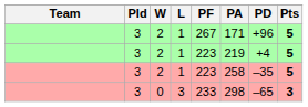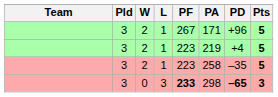 <table class=wikitable>
 <tr align=center>
 </tr>
 <tr>
 <th width=150>Team</th>
 <th width=20>Pld</th>
 <th width=20>W</th>
 <th width=20>L</th>
 <th width=30>PF</th>
 <th width=30>PA</th>
 <th width=30>PD</th>
 <th width=20>Pts</th>
 </tr>
 <tr align=center bgcolor=#aaffaa>
 <td align=left></td>
 <td>3</td>
 <td>2</td>
 <td>1</td>
 <td>267</td>
 <td>171</td>
 <td>+96</td>
 <td><strong>5</strong></td>
 </tr>
 <tr align=center bgcolor=#aaffaa>
 <td align=left></td>
 <td>3</td>
 <td>2</td>
 <td>1</td>
 <td>223</td>
 <td>219</td>
 <td>+4</td>
 <td><strong>5</strong></td>
 </tr>
 <tr align=center bgcolor=#ffaaaa>
 <td align=left></td>
 <td>3</td>
 <td>2</td>
 <td>1</td>
 <td>223</td>
 <td>258</td>
 <td>–35</td>
 <td><strong>5</strong></td>
 </tr>
 <tr align=center bgcolor=#ffaaaa>
 <td align=left></td>
 <td>3</td>
 <td>0</td>
 <td>3</td>
-<td>233</td>
+<td><strong>233</strong></td>
 <td>298</td>
-<td>–65</td>
+<td><strong>–65</strong></td>
 <td><strong>3</strong></td>
 </tr>
 </table>
